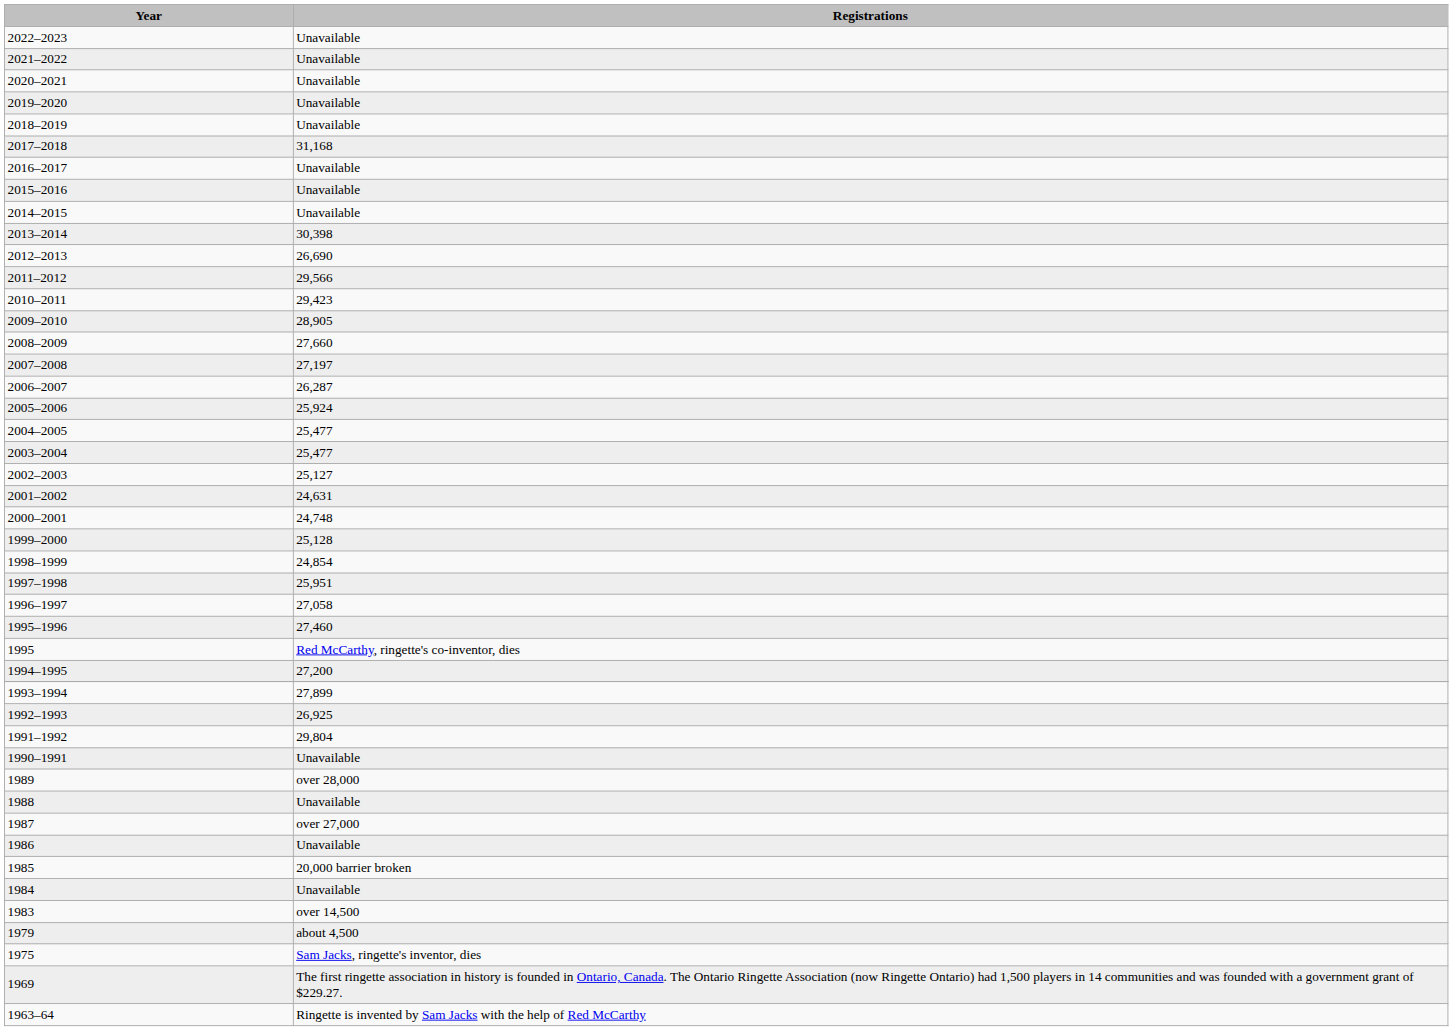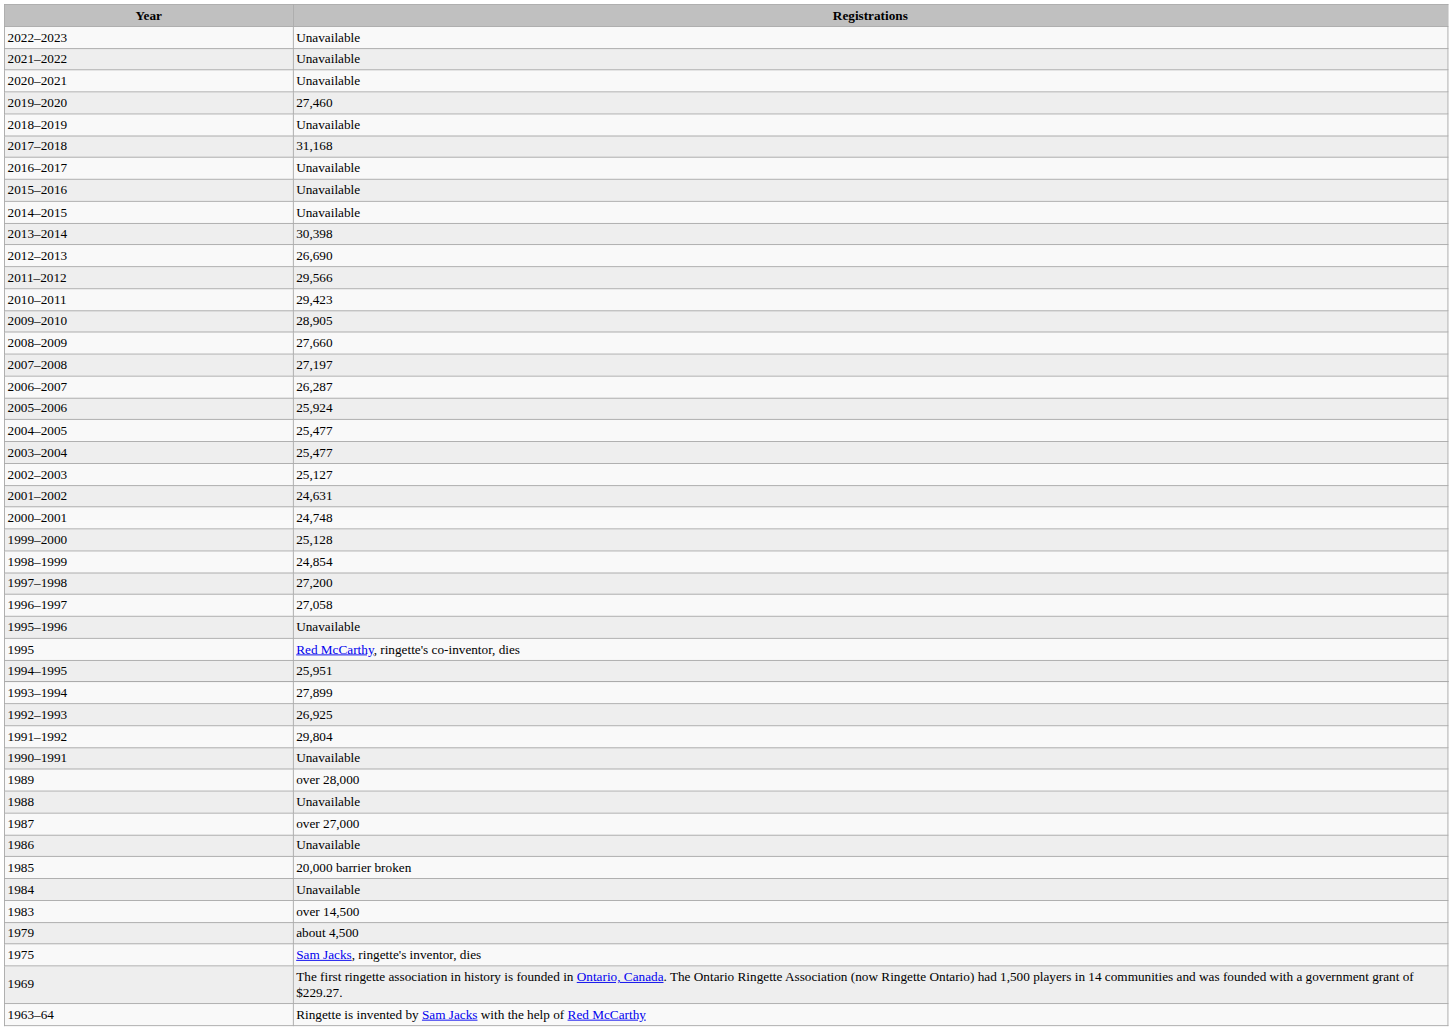 <table class="wikitable" style="text-align:left; font-size:90%;">
 <tr style="font-weight:bold; background-color:#dddddd;">
 <th width=20% style="background:silver;">Year</th>
 <th style="background:silver;">Registrations</th>
 </tr>
 <tr align="Left">
 <td align="left">2022–2023</td>
 <td>Unavailable</td>
 </tr>
 <tr align="Left" bgcolor="#eeeeee">
 <td align="left">2021–2022</td>
 <td>Unavailable</td>
 </tr>
 <tr align="Left">
 <td align="left">2020–2021</td>
 <td>Unavailable</td>
 </tr>
 <tr align="Left" bgcolor="#eeeeee">
 <td align="left">2019–2020</td>
-<td>Unavailable</td>
+<td>27,460</td>
 </tr>
 <tr align="Left">
 <td align="left">2018–2019</td>
 <td>Unavailable</td>
 </tr>
 <tr align="Left" bgcolor="#eeeeee">
 <td align="left">2017–2018</td>
 <td>31,168</td>
 </tr>
 <tr align="Left">
 <td align="left">2016–2017</td>
 <td>Unavailable</td>
 </tr>
 <tr align="Left" bgcolor="#eeeeee">
 <td align="left">2015–2016</td>
 <td>Unavailable</td>
 </tr>
 <tr align="Left">
 <td align="left">2014–2015</td>
 <td>Unavailable</td>
 </tr>
 <tr align="Left" bgcolor="#eeeeee">
 <td align="left">2013–2014</td>
 <td>30,398</td>
 </tr>
 <tr align="Left">
 <td align="left">2012–2013</td>
 <td>26,690</td>
 </tr>
 <tr align="Left" bgcolor="#eeeeee">
 <td align="left">2011–2012</td>
 <td>29,566</td>
 </tr>
 <tr align="Left">
 <td align="left">2010–2011</td>
 <td>29,423</td>
 </tr>
 <tr align="Left" bgcolor="#eeeeee">
 <td align="left">2009–2010</td>
 <td>28,905</td>
 </tr>
 <tr align="Left">
 <td align="left">2008–2009</td>
 <td>27,660</td>
 </tr>
 <tr align="Left" bgcolor="#eeeeee">
 <td align="left">2007–2008</td>
 <td>27,197</td>
 </tr>
 <tr align="Left">
 <td align="left">2006–2007</td>
 <td>26,287</td>
 </tr>
 <tr align="Left" bgcolor="#eeeeee">
 <td align="left">2005–2006</td>
 <td>25,924</td>
 </tr>
 <tr align="Left">
 <td align="left">2004–2005</td>
 <td>25,477</td>
 </tr>
 <tr align="Left" bgcolor="#eeeeee">
 <td align="left">2003–2004</td>
 <td>25,477</td>
 </tr>
 <tr align="Left">
 <td align="left">2002–2003</td>
 <td>25,127</td>
 </tr>
 <tr align="Left" bgcolor="#eeeeee">
 <td align="left">2001–2002</td>
 <td>24,631</td>
 </tr>
 <tr align="Left">
 <td align="left">2000–2001</td>
 <td>24,748</td>
 </tr>
 <tr align="Left" bgcolor="#eeeeee">
 <td align="left">1999–2000</td>
 <td>25,128</td>
 </tr>
 <tr align="Left">
 <td align="left">1998–1999</td>
 <td>24,854</td>
 </tr>
 <tr align="Left" bgcolor="#eeeeee">
 <td align="left">1997–1998</td>
-<td>25,951</td>
+<td>27,200</td>
 </tr>
 <tr align="Left">
 <td align="left">1996–1997</td>
 <td>27,058</td>
 </tr>
 <tr align="Left" bgcolor="#eeeeee">
 <td align="left">1995–1996</td>
-<td>27,460</td>
+<td>Unavailable</td>
 </tr>
 <tr align="Left">
 <td align="left">1995</td>
 <td><a href='#'>Red McCarthy</a>, ringette's co-inventor, dies</td>
 </tr>
 <tr align="Left" bgcolor="#eeeeee">
 <td align="left">1994–1995</td>
-<td>27,200</td>
+<td>25,951</td>
 </tr>
 <tr>
 </tr>
 <tr align="Left">
 <td align="left">1993–1994</td>
 <td>27,899</td>
 </tr>
 <tr align="Left" bgcolor="#eeeeee">
 <td align="left">1992–1993</td>
 <td>26,925</td>
 </tr>
 <tr align="Left">
 <td align="left">1991–1992</td>
 <td>29,804</td>
 </tr>
 <tr align="Left" bgcolor="#eeeeee">
 <td align="left">1990–1991</td>
 <td>Unavailable</td>
 </tr>
 <tr align="Left">
 <td align="left">1989</td>
 <td>over 28,000</td>
 </tr>
 <tr align="Left" bgcolor="#eeeeee">
 <td align="left">1988</td>
 <td>Unavailable</td>
 </tr>
 <tr align="Left">
 <td align="left">1987</td>
 <td>over 27,000</td>
 </tr>
 <tr align="Left" bgcolor="#eeeeee">
 <td align="left">1986</td>
 <td>Unavailable</td>
 </tr>
 <tr align="Left">
 <td align="left">1985</td>
 <td>20,000 barrier broken</td>
 </tr>
 <tr align="Left" bgcolor="#eeeeee">
 <td align="left">1984</td>
 <td>Unavailable</td>
 </tr>
 <tr align="Left">
 <td align="left">1983</td>
 <td>over 14,500</td>
 </tr>
 <tr align="Left" bgcolor="#eeeeee">
 <td align="left">1979</td>
 <td>about 4,500</td>
 </tr>
 <tr align="Left">
 <td align="left">1975</td>
 <td><a href='#'>Sam Jacks</a>, ringette's inventor, dies</td>
 </tr>
 <tr align="Left" bgcolor="#eeeeee">
 <td align="left">1969</td>
 <td>The first ringette association in history is founded in <a href='#'>Ontario, Canada</a>. The Ontario Ringette Association (now Ringette Ontario) had 1,500 players in 14 communities and was founded with a government grant of $229.27.</td>
 </tr>
 <tr align="Left">
 <td align="left">1963–64</td>
 <td>Ringette is invented by <a href='#'>Sam Jacks</a> with the help of <a href='#'>Red McCarthy</a></td>
 </tr>
 </table>
